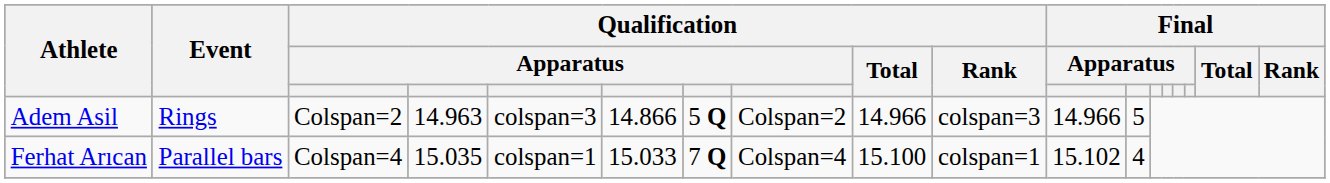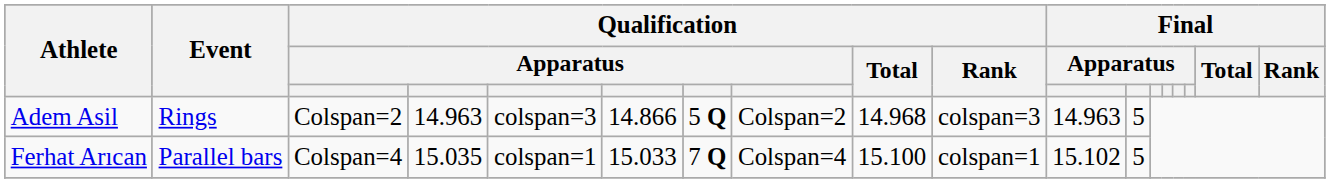 <table class=wikitable style=font-size:90%;text-align:center>
 <tr>
 <th rowspan=3>Athlete</th>
 <th rowspan=3>Event</th>
 <th colspan=8>Qualification</th>
 <th colspan=8>Final</th>
 </tr>
 <tr style=font-size:95%>
 <th colspan=6>Apparatus</th>
 <th rowspan=2>Total</th>
 <th rowspan=2>Rank</th>
 <th colspan=6>Apparatus</th>
 <th rowspan=2>Total</th>
 <th rowspan=2>Rank</th>
 </tr>
 <tr style=font-size:95%>
 <th></th>
 <th></th>
 <th></th>
 <th></th>
 <th></th>
 <th></th>
 <th></th>
 <th></th>
 <th></th>
 <th></th>
 <th></th>
 <th></th>
 </tr>
 <tr align=center>
 <td align=left><a href='#'>Adem Asil</a></td>
 <td align=left><a href='#'>Rings</a></td>
 <td>Colspan=2</td>
 <td>14.963</td>
 <td>colspan=3 </td>
 <td>14.866</td>
 <td>5 <strong>Q</strong></td>
 <td>Colspan=2</td>
-<td>14.966</td>
+<td>14.968</td>
 <td>colspan=3 </td>
-<td>14.966</td>
+<td>14.963</td>
 <td>5</td>
 </tr>
 <tr align=center>
 <td align=left><a href='#'>Ferhat Arıcan</a></td>
 <td align=left><a href='#'>Parallel bars</a></td>
 <td>Colspan=4</td>
 <td>15.035</td>
 <td>colspan=1</td>
 <td>15.033</td>
 <td>7 <strong>Q</strong></td>
 <td>Colspan=4</td>
 <td>15.100</td>
 <td>colspan=1</td>
 <td>15.102</td>
-<td>4</td>
+<td>5</td>
 </tr>
 </table>
